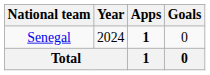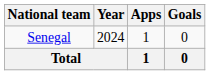 <table class=wikitable style=text-align:center>
 <tr>
 <th>National team</th>
 <th>Year</th>
 <th>Apps</th>
 <th>Goals</th>
 </tr>
 <tr>
 <td rowspan="1"><a href='#'>Senegal</a></td>
 <td>2024</td>
-<td><strong>1</strong></td>
+<td>1</td>
 <td>0</td>
 </tr>
 <tr>
 <th colspan="2">Total</th>
 <th>1</th>
 <th>0</th>
 </tr>
 </table>
